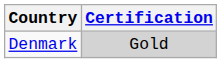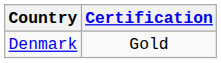 <table class="wikitable sortable">
 <tr>
 <th>Country</th>
 <th><a href='#'>Certification</a></th>
 </tr>
 <tr>
 <td><a href='#'>Denmark</a></td>
-<td style="background: lightgrey; text-align:center;">Gold</td>
+<td style="text-align:center;">Gold</td>
 </tr>
 </table>
